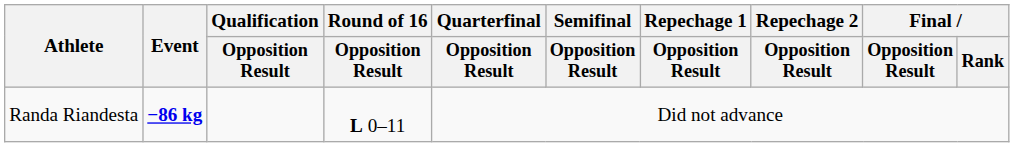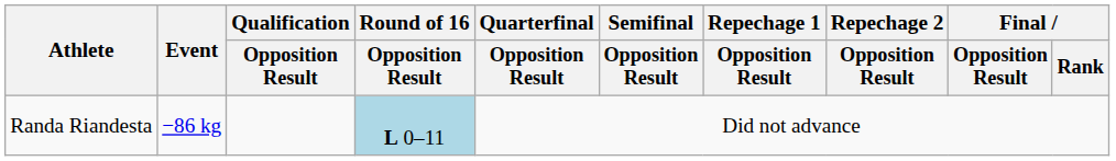 <table class="wikitable" style="font-size:90%;text-align:center">
 <tr>
 <th rowspan="2">Athlete</th>
 <th rowspan="2">Event</th>
 <th>Qualification</th>
 <th>Round of 16</th>
 <th>Quarterfinal</th>
 <th>Semifinal</th>
 <th>Repechage 1</th>
 <th>Repechage 2</th>
 <th colspan="2">Final / </th>
 </tr>
 <tr style="font-size: 95%">
 <th>Opposition<br>Result</th>
 <th>Opposition<br>Result</th>
 <th>Opposition<br>Result</th>
 <th>Opposition<br>Result</th>
 <th>Opposition<br>Result</th>
 <th>Opposition<br>Result</th>
 <th>Opposition<br>Result</th>
 <th>Rank</th>
 </tr>
 <tr>
 <td align="left">Randa Riandesta</td>
-<td align="left"><strong><a href='#'>−86 kg</a></strong></td>
+<td align="left"><a href='#'>−86 kg</a></td>
 <td></td>
-<td><br><strong>L</strong> 0–11</td>
+<td style="background: lightblue;"><br><strong>L</strong> 0–11</td>
 <td colspan="6">Did not advance</td>
 </tr>
 </table>
